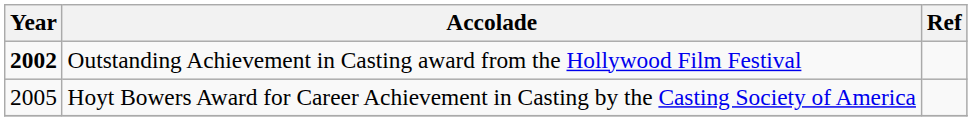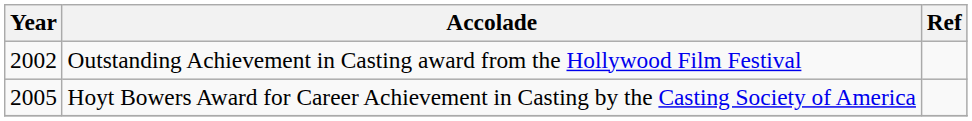 <table class="wikitable">
 <tr>
 <th scope="col">Year</th>
 <th scope="col">Accolade</th>
 <th scope="col">Ref</th>
 </tr>
 <tr>
-<td><strong>2002</strong></td>
+<td>2002</td>
 <td>Outstanding Achievement in Casting award from the <a href='#'>Hollywood Film Festival</a></td>
 <td></td>
 </tr>
 <tr>
 <td>2005</td>
 <td>Hoyt Bowers Award for Career Achievement in Casting by the <a href='#'>Casting Society of America</a></td>
 <td></td>
 </tr>
 <tr>
 </tr>
 </table>
